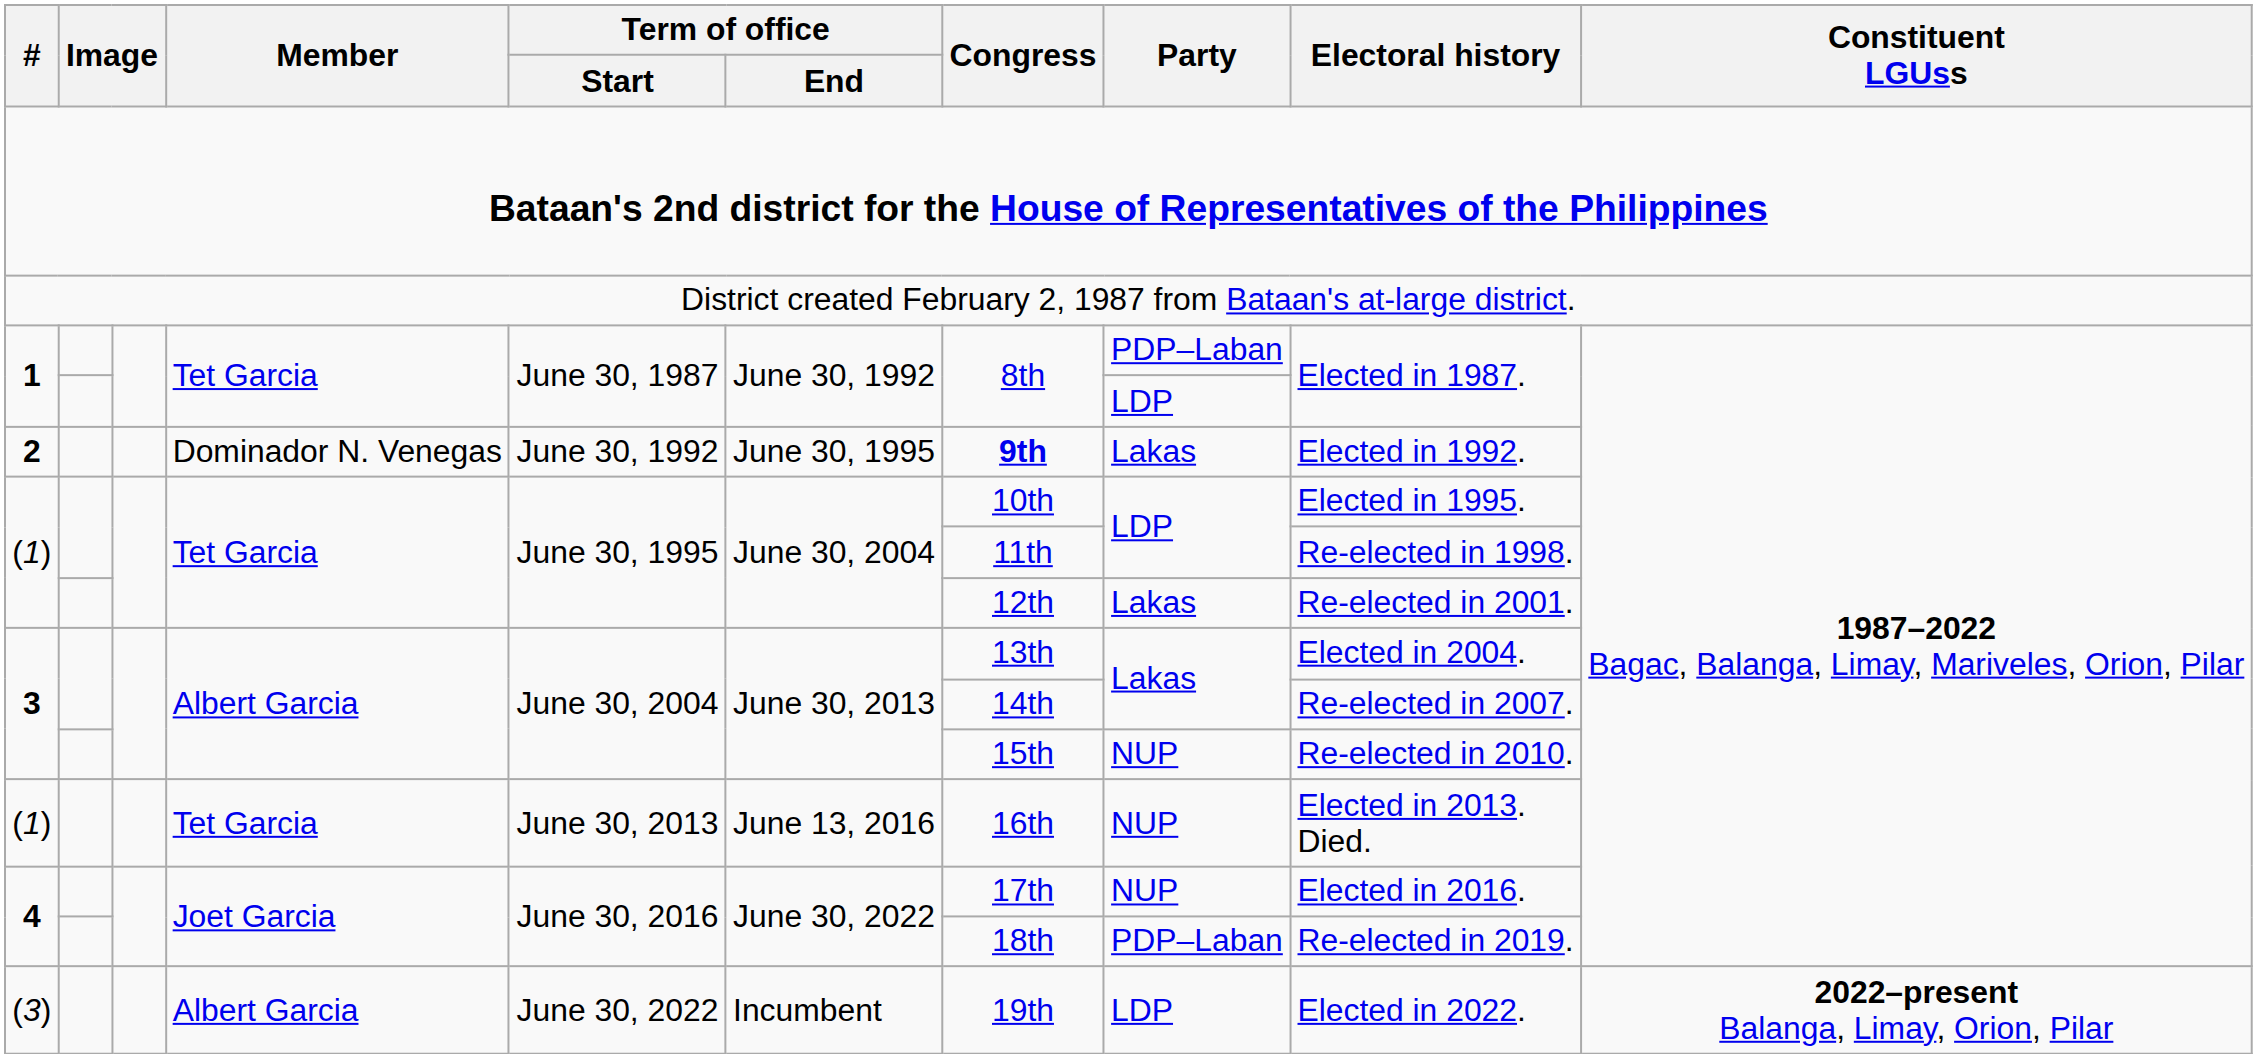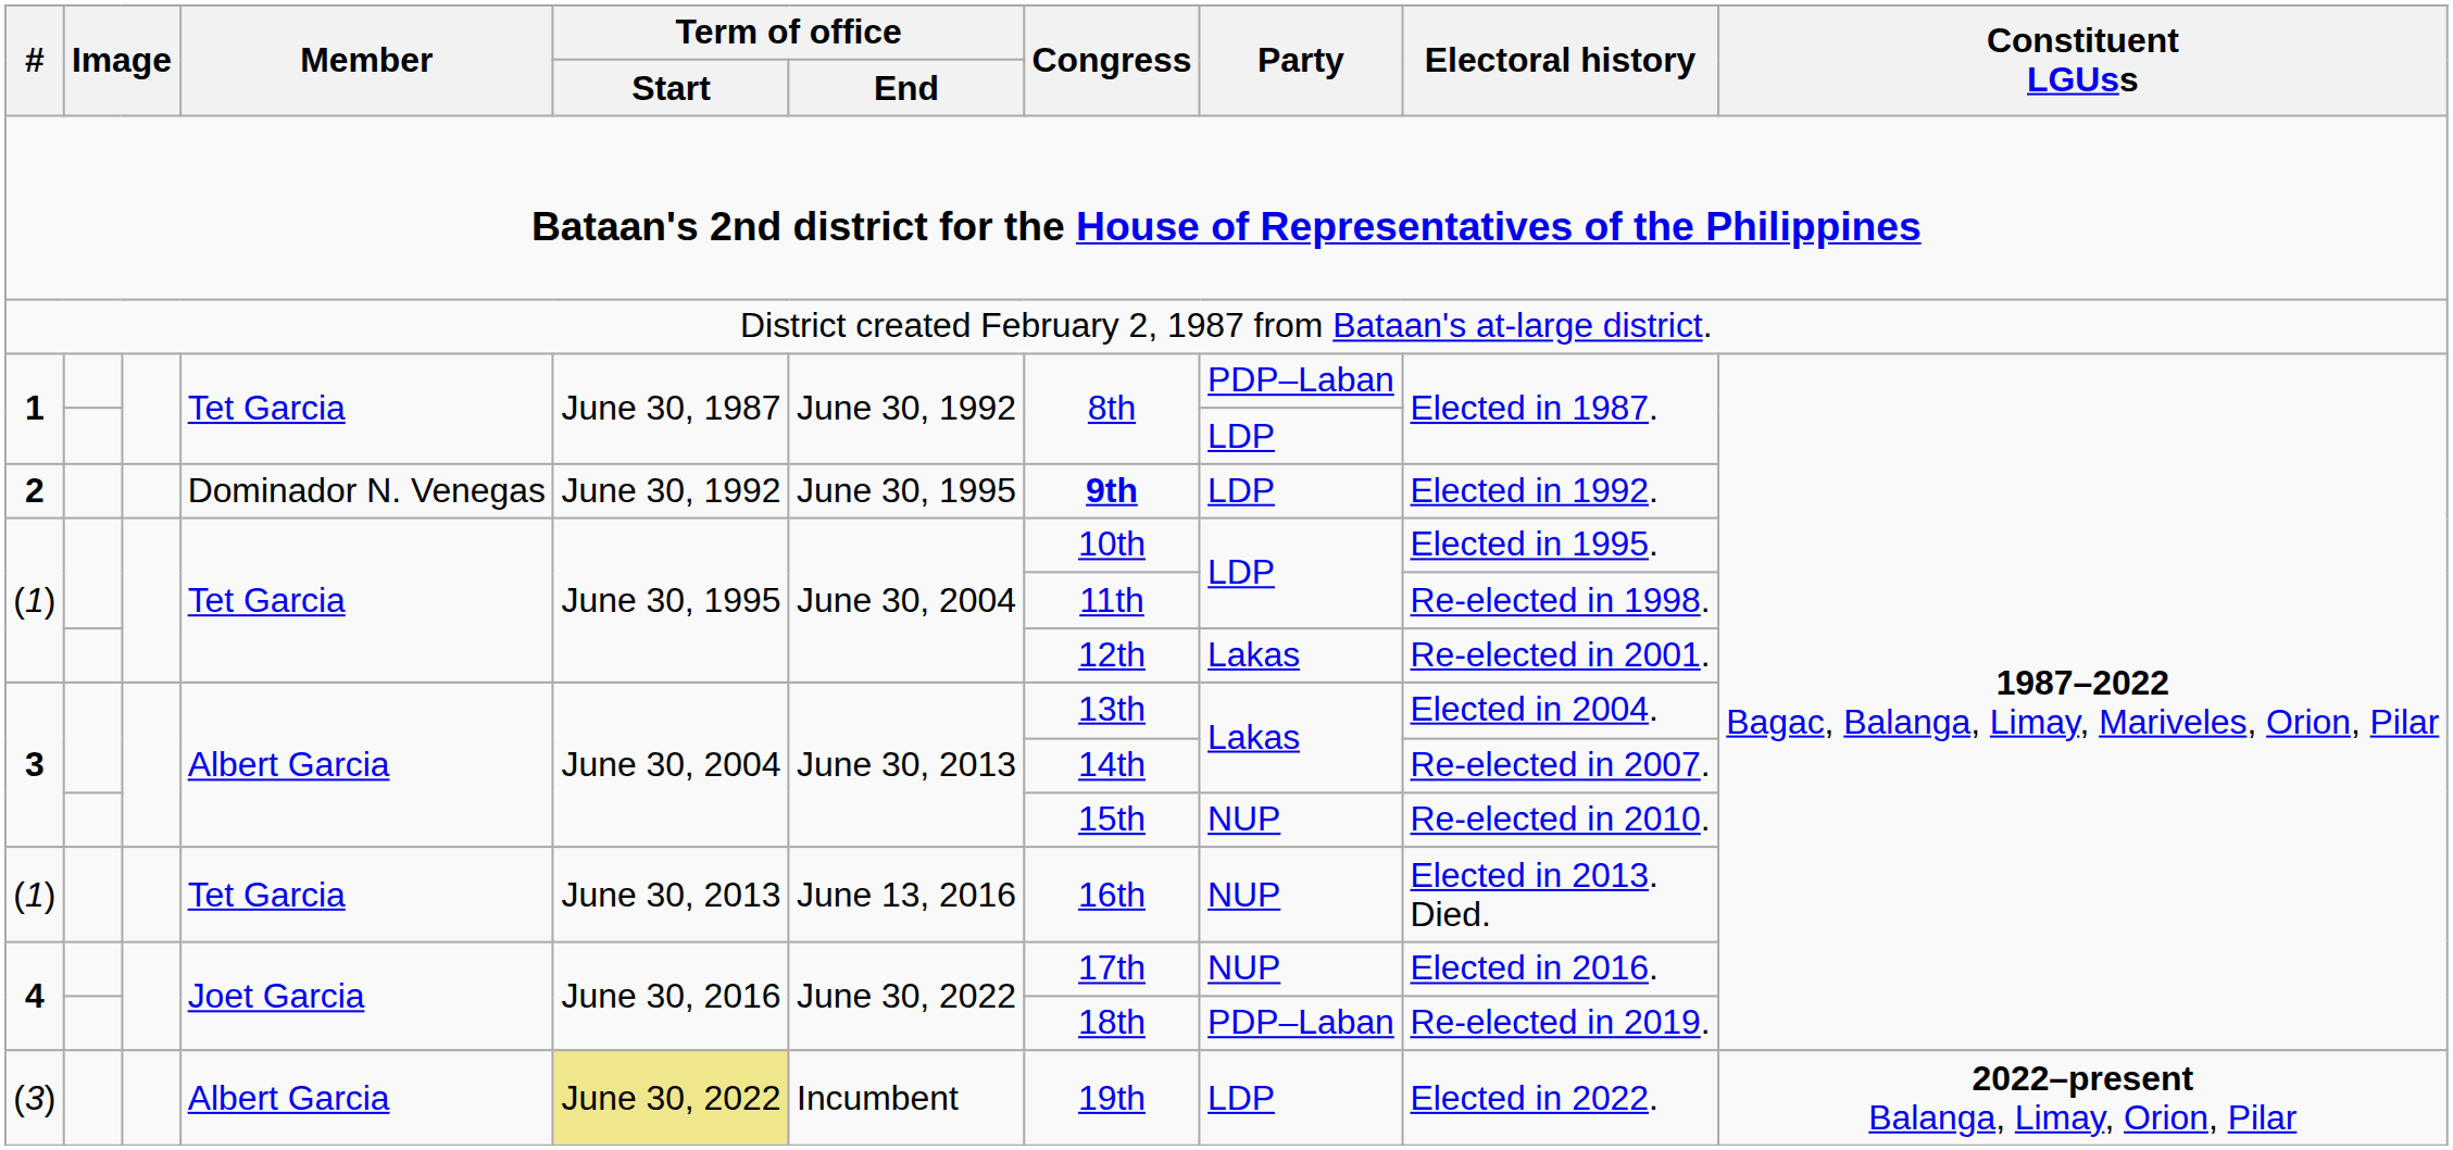 <table class=wikitable>
 <tr>
 <th rowspan="2">#</th>
 <th rowspan="2" colspan=2>Image</th>
 <th rowspan="2">Member</th>
 <th colspan=2>Term of office</th>
 <th rowspan="2">Congress</th>
 <th rowspan="2">Party</th>
 <th rowspan="2">Electoral history</th>
 <th rowspan="2">Constituent<br><a href='#'>LGUs</a>s</th>
 </tr>
 <tr>
 <th>Start</th>
 <th>End</th>
 </tr>
 <tr>
 <td colspan="10" style="text-align:center;"><br><h3>Bataan's 2nd district for the <a href='#'>House of Representatives of the Philippines</a></h3></td>
 </tr>
 <tr>
 <td colspan="10" style="text-align:center;">District created February 2, 1987 from <a href='#'>Bataan's at-large district</a>.</td>
 </tr>
 <tr>
 <td rowspan=2 style="text-align:center;"><strong>1</strong></td>
 <td style="color:inherit;background:"></td>
 <td rowspan=2></td>
 <td rowspan=2><a href='#'>Tet Garcia</a></td>
 <td rowspan=2>June 30, 1987</td>
 <td rowspan=2>June 30, 1992</td>
 <td rowspan=2 style="text-align:center;"><a href='#'>8th</a></td>
 <td><a href='#'>PDP–Laban</a></td>
 <td rowspan=2><a href='#'>Elected in 1987</a>.</td>
 <td rowspan="12" style="text-align:center;"><strong>1987–2022</strong><br><a href='#'>Bagac</a>, <a href='#'>Balanga</a>, <a href='#'>Limay</a>, <a href='#'>Mariveles</a>, <a href='#'>Orion</a>, <a href='#'>Pilar</a></td>
 </tr>
 <tr>
 <td style="color:inherit;background:"></td>
 <td><a href='#'>LDP</a></td>
 </tr>
 <tr>
 <td style="text-align:center;"><strong>2</strong></td>
 <td style="color:inherit;background:"></td>
 <td></td>
 <td>Dominador N. Venegas</td>
 <td>June 30, 1992</td>
 <td>June 30, 1995</td>
 <td style="text-align:center;"><strong><a href='#'>9th</a></strong></td>
-<td><a href='#'>Lakas</a></td>
+<td><a href='#'>LDP</a></td>
 <td><a href='#'>Elected in 1992</a>.</td>
 </tr>
 <tr>
 <td rowspan="3" style="text-align:center;">(<em>1</em>)</td>
 <td rowspan="2" style="color:inherit;background:"></td>
 <td rowspan="3"></td>
 <td rowspan="3"><a href='#'>Tet Garcia</a></td>
 <td rowspan="3">June 30, 1995</td>
 <td rowspan="3">June 30, 2004</td>
 <td style="text-align:center;"><a href='#'>10th</a></td>
 <td rowspan="2"><a href='#'>LDP</a></td>
 <td><a href='#'>Elected in 1995</a>.</td>
 </tr>
 <tr>
 <td style="text-align:center;"><a href='#'>11th</a></td>
 <td><a href='#'>Re-elected in 1998</a>.</td>
 </tr>
 <tr>
 <td style="color:inherit;background:"></td>
 <td style="text-align:center;"><a href='#'>12th</a></td>
 <td><a href='#'>Lakas</a></td>
 <td><a href='#'>Re-elected in 2001</a>.</td>
 </tr>
 <tr>
 <td rowspan="3" style="text-align:center;"><strong>3</strong></td>
 <td rowspan="2" style="color:inherit;background:"></td>
 <td rowspan="3"></td>
 <td rowspan="3"><a href='#'>Albert Garcia</a></td>
 <td rowspan="3">June 30, 2004</td>
 <td rowspan="3">June 30, 2013</td>
 <td style="text-align:center;"><a href='#'>13th</a></td>
 <td rowspan="2"><a href='#'>Lakas</a></td>
 <td><a href='#'>Elected in 2004</a>.</td>
 </tr>
 <tr>
 <td style="text-align:center;"><a href='#'>14th</a></td>
 <td><a href='#'>Re-elected in 2007</a>.</td>
 </tr>
 <tr>
 <td style="color:inherit;background:"></td>
 <td style="text-align:center;"><a href='#'>15th</a></td>
 <td><a href='#'>NUP</a></td>
 <td><a href='#'>Re-elected in 2010</a>.</td>
 </tr>
 <tr>
 <td style="text-align:center;">(<em>1</em>)</td>
 <td style="color:inherit;background:"></td>
 <td></td>
 <td><a href='#'>Tet Garcia</a></td>
 <td>June 30, 2013</td>
 <td>June 13, 2016</td>
 <td style="text-align:center;"><a href='#'>16th</a></td>
 <td><a href='#'>NUP</a></td>
 <td><a href='#'>Elected in 2013</a>.<br>Died.</td>
 </tr>
 <tr>
 <td rowspan="2" style="text-align:center;"><strong>4</strong></td>
 <td style="color:inherit;background:"></td>
 <td rowspan="2"></td>
 <td rowspan="2"><a href='#'>Joet Garcia</a></td>
 <td rowspan="2">June 30, 2016</td>
 <td rowspan="2">June 30, 2022</td>
 <td style="text-align:center;"><a href='#'>17th</a></td>
 <td><a href='#'>NUP</a></td>
 <td><a href='#'>Elected in 2016</a>.</td>
 </tr>
 <tr>
 <td style="color:inherit;background:"></td>
 <td style="text-align:center;"><a href='#'>18th</a></td>
 <td><a href='#'>PDP–Laban</a></td>
 <td><a href='#'>Re-elected in 2019</a>.</td>
 </tr>
 <tr>
 <td style="text-align:center;">(<em>3</em>)</td>
 <td style="color:inherit;background:"></td>
 <td></td>
 <td><a href='#'>Albert Garcia</a></td>
-<td>June 30, 2022</td>
+<td style="background: khaki;">June 30, 2022</td>
 <td>Incumbent</td>
 <td style="text-align:center;"><a href='#'>19th</a></td>
 <td><a href='#'>LDP</a></td>
 <td><a href='#'>Elected in 2022</a>.</td>
 <td rowspan="11" style="text-align:center;"><strong>2022–present</strong><br><a href='#'>Balanga</a>, <a href='#'>Limay</a>, <a href='#'>Orion</a>, <a href='#'>Pilar</a></td>
 </tr>
 </table>
